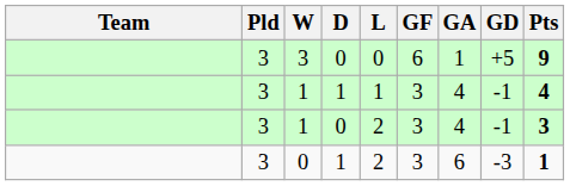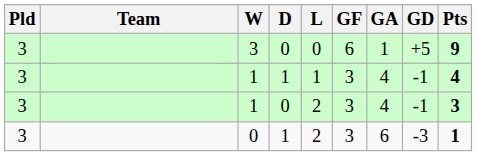 <table class="wikitable" style="text-align: center;">
 <tr>
+<th width=20>Pld</th>
 <th width=165>Team</th>
-<th width=20>Pld</th>
 <th width=20>W</th>
 <th width=20>D</th>
 <th width=20>L</th>
 <th width=20>GF</th>
 <th width=20>GA</th>
 <th width=20>GD</th>
 <th width=20>Pts</th>
 </tr>
 <tr bgcolor=ccffcc>
+<td>3</td>
 <td style="text-align:left;"></td>
-<td>3</td>
 <td>3</td>
 <td>0</td>
 <td>0</td>
 <td>6</td>
 <td>1</td>
 <td>+5</td>
 <td><strong>9</strong></td>
 </tr>
 <tr bgcolor=ccffcc>
+<td>3</td>
 <td style="text-align:left;"></td>
-<td>3</td>
 <td>1</td>
 <td>1</td>
 <td>1</td>
 <td>3</td>
 <td>4</td>
 <td>-1</td>
 <td><strong>4</strong></td>
 </tr>
 <tr bgcolor=ccffcc>
+<td>3</td>
 <td style="text-align:left;"></td>
-<td>3</td>
 <td>1</td>
 <td>0</td>
 <td>2</td>
 <td>3</td>
 <td>4</td>
 <td>-1</td>
 <td><strong>3</strong></td>
 </tr>
 <tr>
+<td>3</td>
 <td style="text-align:left;"></td>
-<td>3</td>
 <td>0</td>
 <td>1</td>
 <td>2</td>
 <td>3</td>
 <td>6</td>
 <td>-3</td>
 <td><strong>1</strong></td>
 </tr>
 </table>
